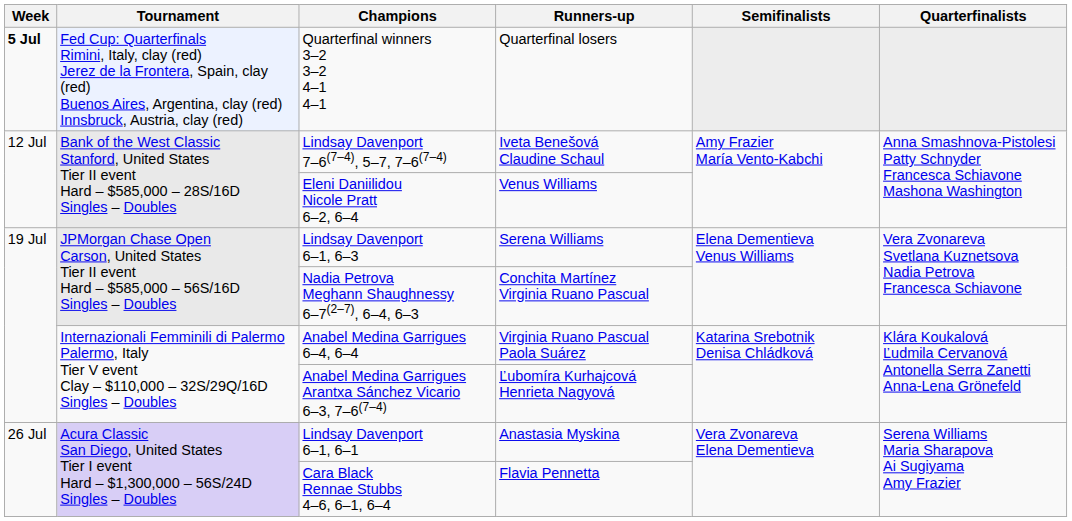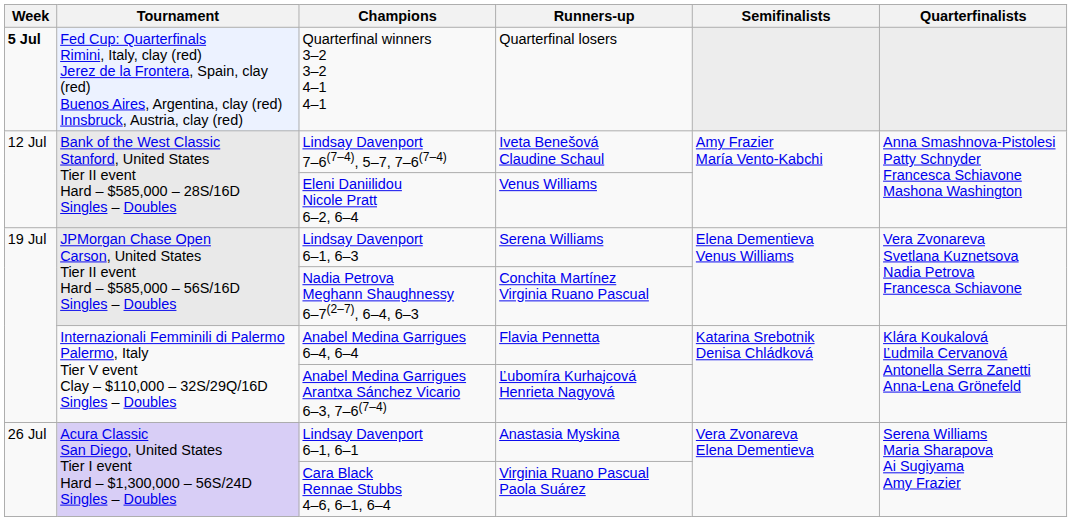 <table class=wikitable style=font-size:95%>
 <tr>
 <th style="width:48px;">Week</th>
 <th style="width:248px;">Tournament</th>
 <th style="width:200px;">Champions</th>
 <th style="width:200px;">Runners-up</th>
 <th style="width:190px;">Semifinalists</th>
 <th style="width:190px;">Quarterfinalists</th>
 </tr>
 <tr valign=top>
 <td><strong>5 Jul</strong></td>
 <td bgcolor="#ecf2ff"><a href='#'>Fed Cup: Quarterfinals</a><br> <a href='#'>Rimini</a>, Italy, clay (red) <br> <a href='#'>Jerez de la Frontera</a>, Spain, clay (red)<br> <a href='#'>Buenos Aires</a>, Argentina, clay (red) <br> <a href='#'>Innsbruck</a>, Austria, clay (red)</td>
 <td>Quarterfinal winners<br> 3–2<br> 3–2<br> 4–1<br> 4–1</td>
 <td>Quarterfinal losers<br><br><br><br></td>
 <td bgcolor="#ededed"></td>
 <td bgcolor="#ededed"></td>
 </tr>
 <tr valign="top">
 <td rowspan=2>12 Jul</td>
 <td rowspan=2 style="background:#e9e9e9;"><a href='#'>Bank of the West Classic</a><br>  <a href='#'>Stanford</a>, United States <br>Tier II event<br>Hard – $585,000 – 28S/16D<br><a href='#'>Singles</a> – <a href='#'>Doubles</a></td>
 <td> <a href='#'>Lindsay Davenport</a> <br> 7–6<sup>(7–4)</sup>, 5–7, 7–6<sup>(7–4)</sup></td>
 <td> <a href='#'>Iveta Benešová</a> <br>  <a href='#'>Claudine Schaul</a></td>
 <td rowspan=2> <a href='#'>Amy Frazier</a><br> <a href='#'>María Vento-Kabchi</a></td>
 <td rowspan=2> <a href='#'>Anna Smashnova-Pistolesi</a>  <br>  <a href='#'>Patty Schnyder</a> <br> <a href='#'>Francesca Schiavone</a><br>   <a href='#'>Mashona Washington</a></td>
 </tr>
 <tr valign="top">
 <td> <a href='#'>Eleni Daniilidou</a> <br>  <a href='#'>Nicole Pratt</a><br>6–2, 6–4</td>
 <td> <a href='#'>Venus Williams</a></td>
 </tr>
 <tr valign="top">
 <td rowspan=4>19 Jul</td>
 <td rowspan=2 style="background:#e9e9e9;"><a href='#'>JPMorgan Chase Open</a><br>  <a href='#'>Carson</a>, United States <br>Tier II event<br>Hard – $585,000 – 56S/16D<br><a href='#'>Singles</a> – <a href='#'>Doubles</a></td>
 <td> <a href='#'>Lindsay Davenport</a> <br> 6–1, 6–3</td>
 <td> <a href='#'>Serena Williams</a></td>
 <td rowspan=2> <a href='#'>Elena Dementieva</a><br> <a href='#'>Venus Williams</a></td>
 <td rowspan=2> <a href='#'>Vera Zvonareva</a>  <br>  <a href='#'>Svetlana Kuznetsova</a> <br> <a href='#'>Nadia Petrova</a><br>   <a href='#'>Francesca Schiavone</a></td>
 </tr>
 <tr valign="top">
 <td> <a href='#'>Nadia Petrova</a> <br>  <a href='#'>Meghann Shaughnessy</a><br>6–7<sup>(2–7)</sup>, 6–4, 6–3</td>
 <td> <a href='#'>Conchita Martínez</a> <br>  <a href='#'>Virginia Ruano Pascual</a></td>
 </tr>
 <tr valign="top">
 <td rowspan=2><a href='#'>Internazionali Femminili di Palermo</a><br> <a href='#'>Palermo</a>, Italy <br>Tier V event<br>Clay – $110,000 – 32S/29Q/16D<br><a href='#'>Singles</a> – <a href='#'>Doubles</a></td>
 <td> <a href='#'>Anabel Medina Garrigues</a> <br> 6–4, 6–4</td>
-<td> <a href='#'>Virginia Ruano Pascual</a> <br>  <a href='#'>Paola Suárez</a></td>
+<td> <a href='#'>Flavia Pennetta</a></td>
 <td rowspan=2> <a href='#'>Katarina Srebotnik</a><br> <a href='#'>Denisa Chládková</a></td>
 <td rowspan=2> <a href='#'>Klára Koukalová</a>  <br>  <a href='#'>Ľudmila Cervanová</a> <br> <a href='#'>Antonella Serra Zanetti</a><br>   <a href='#'>Anna-Lena Grönefeld</a></td>
 </tr>
 <tr valign="top">
 <td> <a href='#'>Anabel Medina Garrigues</a> <br>  <a href='#'>Arantxa Sánchez Vicario</a><br>6–3, 7–6<sup>(7–4)</sup></td>
 <td> <a href='#'>Ľubomíra Kurhajcová</a> <br>  <a href='#'>Henrieta Nagyová</a></td>
 </tr>
 <tr valign="top">
 <td rowspan=2>26 Jul</td>
 <td rowspan=2 style="background:#d8cef6;"><a href='#'>Acura Classic</a><br> <a href='#'>San Diego</a>, United States <br>Tier I event<br>Hard – $1,300,000 – 56S/24D<br><a href='#'>Singles</a> – <a href='#'>Doubles</a></td>
 <td> <a href='#'>Lindsay Davenport</a> <br> 6–1, 6–1</td>
 <td> <a href='#'>Anastasia Myskina</a></td>
 <td rowspan=2> <a href='#'>Vera Zvonareva</a><br> <a href='#'>Elena Dementieva</a></td>
 <td rowspan=2> <a href='#'>Serena Williams</a>  <br>  <a href='#'>Maria Sharapova</a> <br> <a href='#'>Ai Sugiyama</a><br>   <a href='#'>Amy Frazier</a></td>
 </tr>
 <tr valign="top">
 <td> <a href='#'>Cara Black</a> <br>  <a href='#'>Rennae Stubbs</a><br>4–6, 6–1, 6–4</td>
-<td> <a href='#'>Flavia Pennetta</a></td>
+<td> <a href='#'>Virginia Ruano Pascual</a> <br>  <a href='#'>Paola Suárez</a></td>
 </tr>
 </table>
